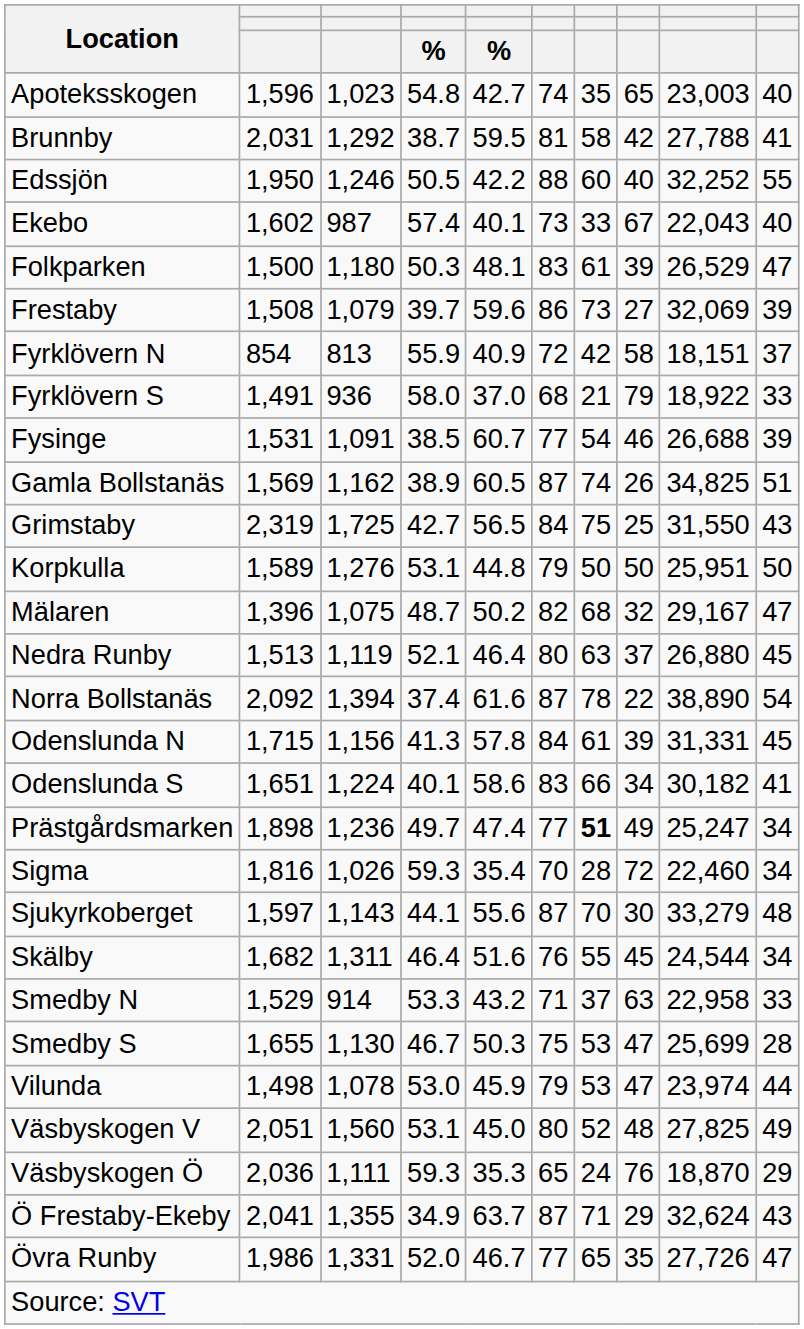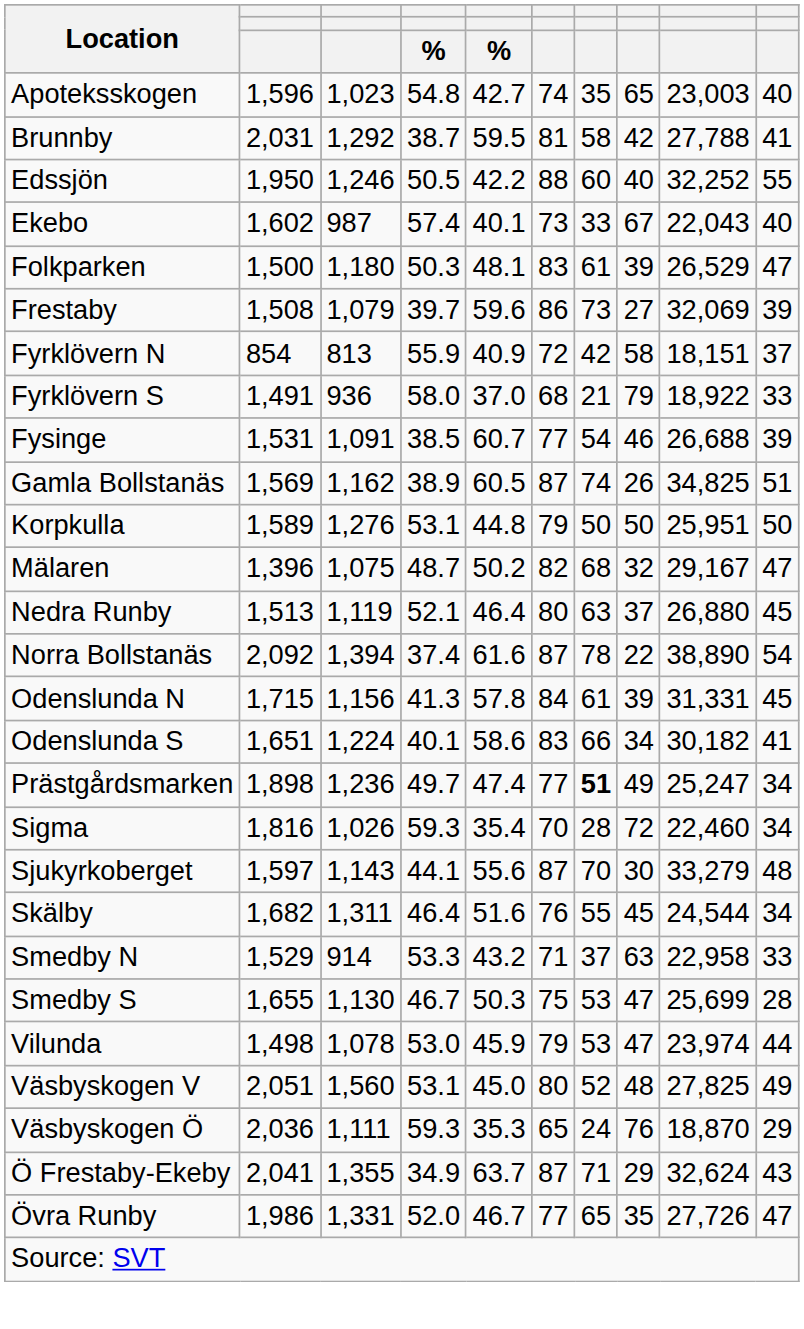 <table role="presentation" class="wikitable sortable mw-collapsible mw-collapsed">
 <tr>
 <th rowspan="3">Location</th>
 <th></th>
 <th></th>
 <th></th>
 <th></th>
 <th></th>
 <th></th>
 <th></th>
 <th></th>
 <th></th>
 </tr>
 <tr>
 <th></th>
 <th></th>
 <th style="background:"></th>
 <th style="background:"></th>
 <th></th>
 <th></th>
 <th></th>
 <th></th>
 <th></th>
 </tr>
 <tr>
 <th data-sort-type="number"></th>
 <th data-sort-type="number"></th>
 <th data-sort-type="number">%</th>
 <th data-sort-type="number">%</th>
 <th data-sort-type="number"></th>
 <th data-sort-type="number"></th>
 <th data-sort-type="number"></th>
 <th data-sort-type="number"></th>
 <th data-sort-type="number"></th>
 </tr>
 <tr>
 <td align="left">Apoteksskogen</td>
 <td>1,596</td>
 <td>1,023</td>
 <td>54.8</td>
 <td>42.7</td>
 <td>74</td>
 <td>35</td>
 <td>65</td>
 <td>23,003</td>
 <td>40</td>
 </tr>
 <tr>
 <td align="left">Brunnby</td>
 <td>2,031</td>
 <td>1,292</td>
 <td>38.7</td>
 <td>59.5</td>
 <td>81</td>
 <td>58</td>
 <td>42</td>
 <td>27,788</td>
 <td>41</td>
 </tr>
 <tr>
 <td align="left">Edssjön</td>
 <td>1,950</td>
 <td>1,246</td>
 <td>50.5</td>
 <td>42.2</td>
 <td>88</td>
 <td>60</td>
 <td>40</td>
 <td>32,252</td>
 <td>55</td>
 </tr>
 <tr>
 <td align="left">Ekebo</td>
 <td>1,602</td>
 <td>987</td>
 <td>57.4</td>
 <td>40.1</td>
 <td>73</td>
 <td>33</td>
 <td>67</td>
 <td>22,043</td>
 <td>40</td>
 </tr>
 <tr>
 <td align="left">Folkparken</td>
 <td>1,500</td>
 <td>1,180</td>
 <td>50.3</td>
 <td>48.1</td>
 <td>83</td>
 <td>61</td>
 <td>39</td>
 <td>26,529</td>
 <td>47</td>
 </tr>
 <tr>
 <td align="left">Frestaby</td>
 <td>1,508</td>
 <td>1,079</td>
 <td>39.7</td>
 <td>59.6</td>
 <td>86</td>
 <td>73</td>
 <td>27</td>
 <td>32,069</td>
 <td>39</td>
 </tr>
 <tr>
 <td align="left">Fyrklövern N</td>
 <td>854</td>
 <td>813</td>
 <td>55.9</td>
 <td>40.9</td>
 <td>72</td>
 <td>42</td>
 <td>58</td>
 <td>18,151</td>
 <td>37</td>
 </tr>
 <tr>
 <td align="left">Fyrklövern S</td>
 <td>1,491</td>
 <td>936</td>
 <td>58.0</td>
 <td>37.0</td>
 <td>68</td>
 <td>21</td>
 <td>79</td>
 <td>18,922</td>
 <td>33</td>
 </tr>
 <tr>
 <td align="left">Fysinge</td>
 <td>1,531</td>
 <td>1,091</td>
 <td>38.5</td>
 <td>60.7</td>
 <td>77</td>
 <td>54</td>
 <td>46</td>
 <td>26,688</td>
 <td>39</td>
 </tr>
 <tr>
 <td align="left">Gamla Bollstanäs</td>
 <td>1,569</td>
 <td>1,162</td>
 <td>38.9</td>
 <td>60.5</td>
 <td>87</td>
 <td>74</td>
 <td>26</td>
 <td>34,825</td>
 <td>51</td>
-</tr>
-<tr>
-<td align="left">Grimstaby</td>
-<td>2,319</td>
-<td>1,725</td>
-<td>42.7</td>
-<td>56.5</td>
-<td>84</td>
-<td>75</td>
-<td>25</td>
-<td>31,550</td>
-<td>43</td>
 </tr>
 <tr>
 <td align="left">Korpkulla</td>
 <td>1,589</td>
 <td>1,276</td>
 <td>53.1</td>
 <td>44.8</td>
 <td>79</td>
 <td>50</td>
 <td>50</td>
 <td>25,951</td>
 <td>50</td>
 </tr>
 <tr>
 <td align="left">Mälaren</td>
 <td>1,396</td>
 <td>1,075</td>
 <td>48.7</td>
 <td>50.2</td>
 <td>82</td>
 <td>68</td>
 <td>32</td>
 <td>29,167</td>
 <td>47</td>
 </tr>
 <tr>
 <td align="left">Nedra Runby</td>
 <td>1,513</td>
 <td>1,119</td>
 <td>52.1</td>
 <td>46.4</td>
 <td>80</td>
 <td>63</td>
 <td>37</td>
 <td>26,880</td>
 <td>45</td>
 </tr>
 <tr>
 <td align="left">Norra Bollstanäs</td>
 <td>2,092</td>
 <td>1,394</td>
 <td>37.4</td>
 <td>61.6</td>
 <td>87</td>
 <td>78</td>
 <td>22</td>
 <td>38,890</td>
 <td>54</td>
 </tr>
 <tr>
 <td align="left">Odenslunda N</td>
 <td>1,715</td>
 <td>1,156</td>
 <td>41.3</td>
 <td>57.8</td>
 <td>84</td>
 <td>61</td>
 <td>39</td>
 <td>31,331</td>
 <td>45</td>
 </tr>
 <tr>
 <td align="left">Odenslunda S</td>
 <td>1,651</td>
 <td>1,224</td>
 <td>40.1</td>
 <td>58.6</td>
 <td>83</td>
 <td>66</td>
 <td>34</td>
 <td>30,182</td>
 <td>41</td>
 </tr>
 <tr>
 <td align="left">Prästgårdsmarken</td>
 <td>1,898</td>
 <td>1,236</td>
 <td>49.7</td>
 <td>47.4</td>
 <td>77</td>
 <td><strong>51</strong></td>
 <td>49</td>
 <td>25,247</td>
 <td>34</td>
 </tr>
 <tr>
 <td align="left">Sigma</td>
 <td>1,816</td>
 <td>1,026</td>
 <td>59.3</td>
 <td>35.4</td>
 <td>70</td>
 <td>28</td>
 <td>72</td>
 <td>22,460</td>
 <td>34</td>
 </tr>
 <tr>
 <td align="left">Sjukyrkoberget</td>
 <td>1,597</td>
 <td>1,143</td>
 <td>44.1</td>
 <td>55.6</td>
 <td>87</td>
 <td>70</td>
 <td>30</td>
 <td>33,279</td>
 <td>48</td>
 </tr>
 <tr>
 <td align="left">Skälby</td>
 <td>1,682</td>
 <td>1,311</td>
 <td>46.4</td>
 <td>51.6</td>
 <td>76</td>
 <td>55</td>
 <td>45</td>
 <td>24,544</td>
 <td>34</td>
 </tr>
 <tr>
 <td align="left">Smedby N</td>
 <td>1,529</td>
 <td>914</td>
 <td>53.3</td>
 <td>43.2</td>
 <td>71</td>
 <td>37</td>
 <td>63</td>
 <td>22,958</td>
 <td>33</td>
 </tr>
 <tr>
 <td align="left">Smedby S</td>
 <td>1,655</td>
 <td>1,130</td>
 <td>46.7</td>
 <td>50.3</td>
 <td>75</td>
 <td>53</td>
 <td>47</td>
 <td>25,699</td>
 <td>28</td>
 </tr>
 <tr>
 <td align="left">Vilunda</td>
 <td>1,498</td>
 <td>1,078</td>
 <td>53.0</td>
 <td>45.9</td>
 <td>79</td>
 <td>53</td>
 <td>47</td>
 <td>23,974</td>
 <td>44</td>
 </tr>
 <tr>
 <td align="left">Väsbyskogen V</td>
 <td>2,051</td>
 <td>1,560</td>
 <td>53.1</td>
 <td>45.0</td>
 <td>80</td>
 <td>52</td>
 <td>48</td>
 <td>27,825</td>
 <td>49</td>
 </tr>
 <tr>
 <td align="left">Väsbyskogen Ö</td>
 <td>2,036</td>
 <td>1,111</td>
 <td>59.3</td>
 <td>35.3</td>
 <td>65</td>
 <td>24</td>
 <td>76</td>
 <td>18,870</td>
 <td>29</td>
 </tr>
 <tr>
 <td align="left">Ö Frestaby-Ekeby</td>
 <td>2,041</td>
 <td>1,355</td>
 <td>34.9</td>
 <td>63.7</td>
 <td>87</td>
 <td>71</td>
 <td>29</td>
 <td>32,624</td>
 <td>43</td>
 </tr>
 <tr>
 <td align="left">Övra Runby</td>
 <td>1,986</td>
 <td>1,331</td>
 <td>52.0</td>
 <td>46.7</td>
 <td>77</td>
 <td>65</td>
 <td>35</td>
 <td>27,726</td>
 <td>47</td>
 </tr>
 <tr>
 <td colspan="10" align="left">Source: <a href='#'>SVT</a></td>
 </tr>
 </table>
